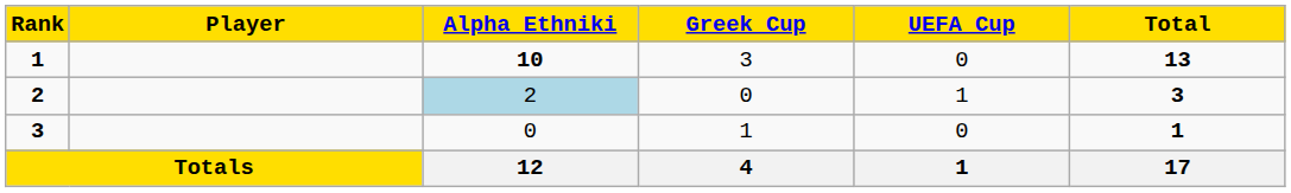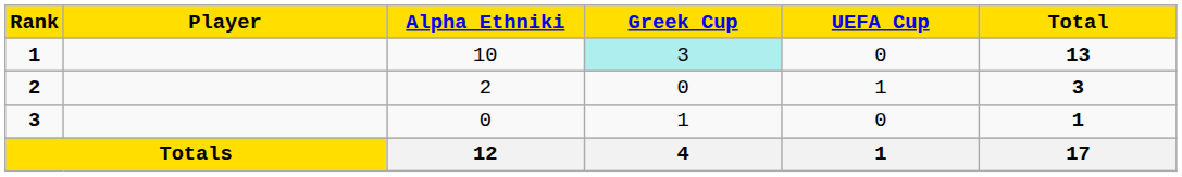 <table class="wikitable sortable" style="text-align:center">
 <tr>
 <th style="background:#FFDE00">Rank</th>
 <th width=200 style="background:#FFDE00">Player</th>
 <th width=120 style="background:#FFDE00"><a href='#'>Alpha Ethniki</a></th>
 <th width=120 style="background:#FFDE00"><a href='#'>Greek Cup</a></th>
 <th width=120 style="background:#FFDE00"><a href='#'>UEFA Cup</a></th>
 <th width=120 style="background:#FFDE00">Total</th>
 </tr>
 <tr>
 <td><strong>1</strong></td>
 <td align=left></td>
-<td><strong>10</strong></td>
-<td>3</td>
+<td>10</td>
+<td style="background: paleturquoise;">3</td>
 <td>0</td>
 <td><strong>13</strong></td>
 </tr>
 <tr>
 <td><strong>2</strong></td>
 <td align=left></td>
-<td style="background: lightblue;">2</td>
+<td>2</td>
 <td>0</td>
 <td>1</td>
 <td><strong>3</strong></td>
 </tr>
 <tr>
 <td><strong>3</strong></td>
 <td align=left></td>
 <td>0</td>
 <td>1</td>
 <td>0</td>
 <td><strong>1</strong></td>
 </tr>
 <tr class="sortbottom">
 <th colspan=2 style="background:#FFDE00"><strong>Totals</strong></th>
 <th><strong>12</strong></th>
 <th><strong> 4</strong></th>
 <th><strong> 1</strong></th>
 <th><strong>17</strong></th>
 </tr>
 </table>
